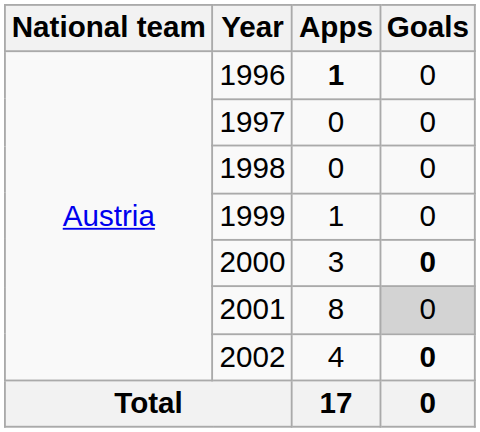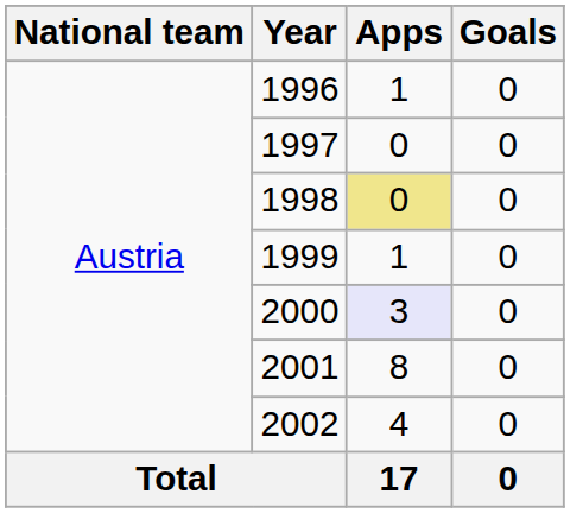 <table class="wikitable" style="text-align:center">
 <tr>
 <th>National team</th>
 <th>Year</th>
 <th>Apps</th>
 <th>Goals</th>
 </tr>
 <tr>
 <td rowspan="7"><a href='#'>Austria</a></td>
 <td>1996</td>
-<td><strong>1</strong></td>
+<td>1</td>
 <td>0</td>
 </tr>
 <tr>
 <td>1997</td>
 <td>0</td>
 <td>0</td>
 </tr>
 <tr>
 <td>1998</td>
-<td>0</td>
+<td style="background: khaki;">0</td>
 <td>0</td>
 </tr>
 <tr>
 <td>1999</td>
 <td>1</td>
 <td>0</td>
 </tr>
 <tr>
 <td>2000</td>
-<td>3</td>
-<td><strong>0</strong></td>
+<td style="background: lavender;">3</td>
+<td>0</td>
 </tr>
 <tr>
 <td>2001</td>
 <td>8</td>
-<td style="background: lightgrey;">0</td>
+<td>0</td>
 </tr>
 <tr>
 <td>2002</td>
 <td>4</td>
-<td><strong>0</strong></td>
+<td>0</td>
 </tr>
 <tr>
 <th colspan="2">Total</th>
 <th>17</th>
 <th>0</th>
 </tr>
 </table>
